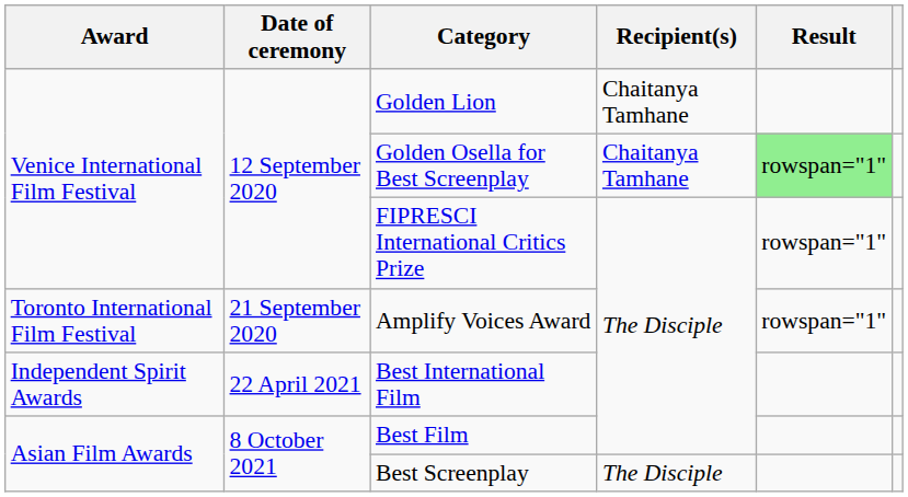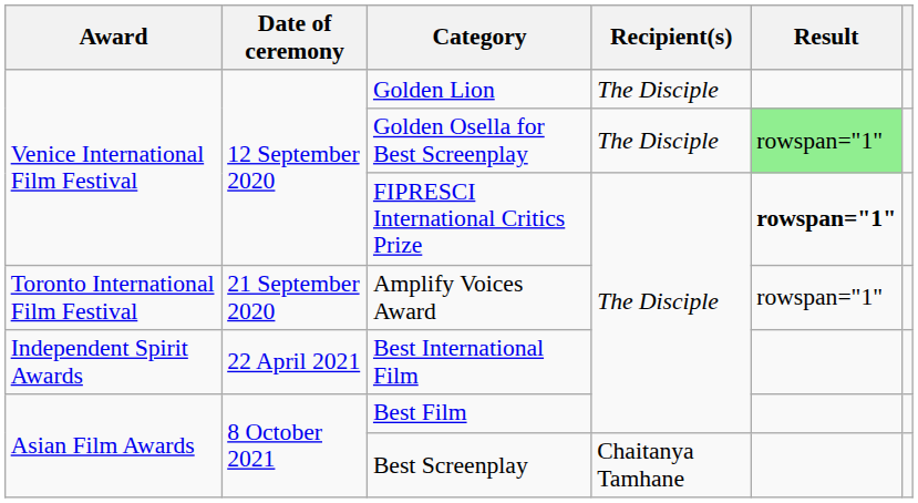 <table class="wikitable sortable">
 <tr style="background:#ccc; text-align:center;">
 <th>Award</th>
 <th>Date of ceremony</th>
 <th>Category</th>
 <th>Recipient(s)</th>
 <th>Result</th>
 <th class="unsortable"></th>
 </tr>
 <tr>
 <td rowspan="3"><a href='#'>Venice International Film Festival</a></td>
 <td rowspan="3"><a href='#'>12 September 2020</a></td>
 <td><a href='#'>Golden Lion</a></td>
-<td>Chaitanya Tamhane</td>
+<td><em>The Disciple</em></td>
 <td></td>
 <td style="text-align:center;"></td>
 </tr>
 <tr>
 <td><a href='#'>Golden Osella for Best Screenplay</a></td>
-<td><a href='#'>Chaitanya Tamhane</a></td>
+<td><em>The Disciple</em></td>
 <td style="background: lightgreen;">rowspan="1" </td>
 <td style="text-align:center;"></td>
 </tr>
 <tr>
 <td><a href='#'>FIPRESCI International Critics Prize</a></td>
 <td rowspan="4"><em>The Disciple</em></td>
-<td>rowspan="1" </td>
+<td><strong>rowspan="1" </strong></td>
 <td style="text-align:center;"></td>
 </tr>
 <tr>
 <td><a href='#'>Toronto International Film Festival</a></td>
 <td><a href='#'>21 September 2020</a></td>
 <td>Amplify Voices Award</td>
 <td>rowspan="1" </td>
 <td style="text-align:center;"></td>
 </tr>
 <tr>
 <td><a href='#'>Independent Spirit Awards</a></td>
 <td><a href='#'>22 April 2021</a></td>
 <td><a href='#'>Best International Film</a></td>
 <td></td>
 <td style="text-align:center;"></td>
 </tr>
 <tr>
 <td rowspan=2><a href='#'>Asian Film Awards</a></td>
 <td rowspan=2><a href='#'>8 October 2021</a></td>
 <td><a href='#'>Best Film</a></td>
 <td></td>
 <td style="text-align:center;"></td>
 </tr>
 <tr>
 <td>Best Screenplay</td>
-<td><em>The Disciple</em></td>
+<td>Chaitanya Tamhane</td>
 <td></td>
 <td style="text-align:center;"></td>
 </tr>
 </table>
